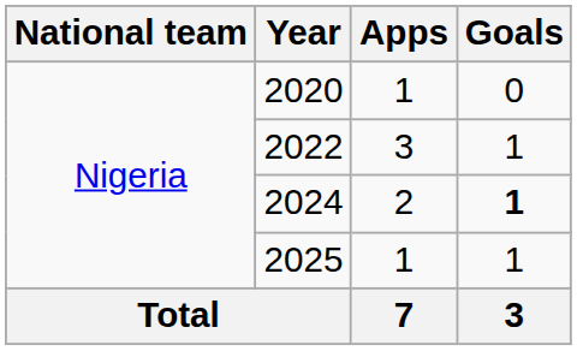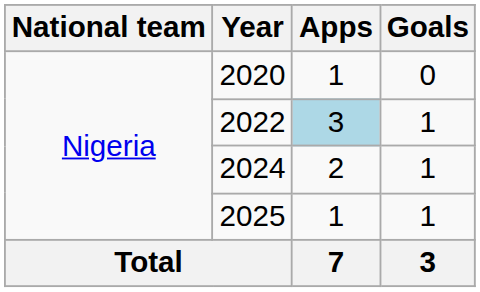 <table class="wikitable" style="text-align: center;">
 <tr>
 <th>National team</th>
 <th>Year</th>
 <th>Apps</th>
 <th>Goals</th>
 </tr>
 <tr>
 <td rowspan="4"><a href='#'>Nigeria</a></td>
 <td>2020</td>
 <td>1</td>
 <td>0</td>
 </tr>
 <tr>
 <td>2022</td>
-<td>3</td>
+<td style="background: lightblue;">3</td>
 <td>1</td>
 </tr>
 <tr>
 <td>2024</td>
 <td>2</td>
-<td><strong>1</strong></td>
+<td>1</td>
 </tr>
 <tr>
 <td>2025</td>
 <td>1</td>
 <td>1</td>
 </tr>
 <tr>
 <th colspan="2">Total</th>
 <th>7</th>
 <th>3</th>
 </tr>
 </table>
